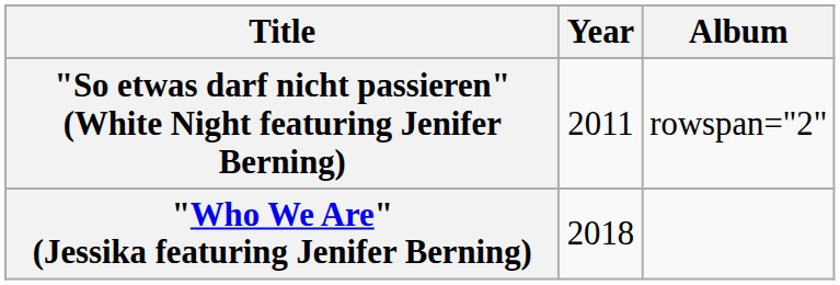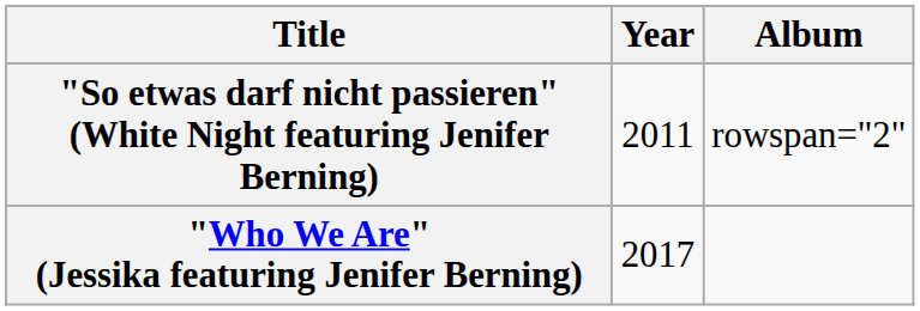 <table class="wikitable plainrowheaders" style="text-align:center;">
 <tr>
 <th scope="col" style="width:16em;">Title</th>
 <th scope="col" style="width:1em;">Year</th>
 <th scope="col">Album</th>
 </tr>
 <tr>
 <th scope="row">"So etwas darf nicht passieren"<br><span>(White Night featuring Jenifer Berning)</span></th>
 <td>2011</td>
 <td>rowspan="2" </td>
 </tr>
 <tr>
 <th scope="row">"<a href='#'>Who We Are</a>"<br><span>(Jessika featuring Jenifer Berning)</span></th>
-<td>2018</td>
+<td>2017</td>
 </tr>
 </table>
